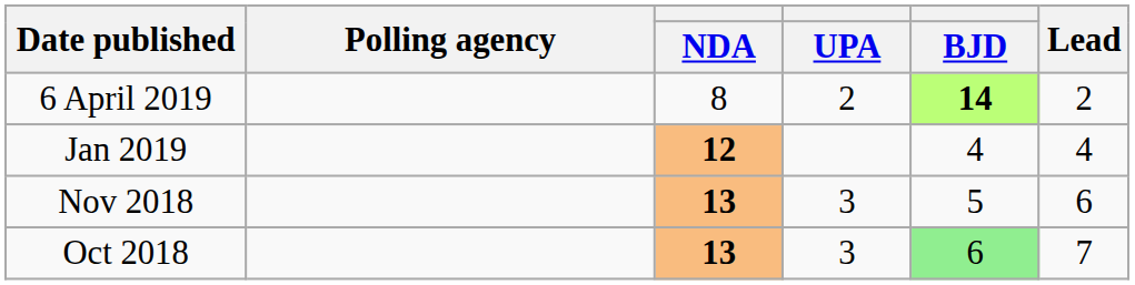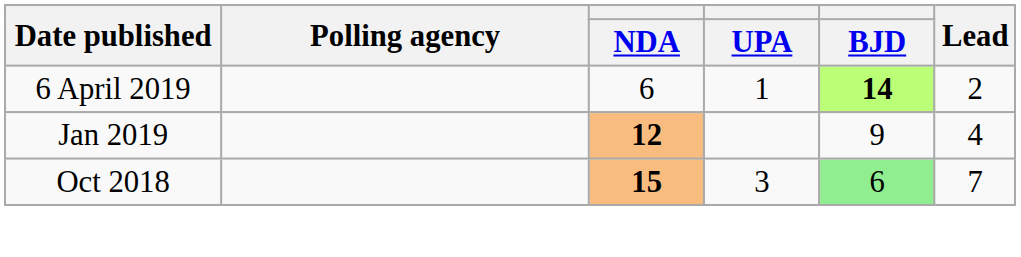 <table class="wikitable sortable" style="text-align:center;font-size:95%;line-height:16px">
 <tr>
 <th rowspan="2" width="100px">Date published</th>
 <th rowspan="2" width="175px">Polling agency</th>
 <th style="background:"></th>
 <th style="background:"></th>
 <th style="background:"></th>
 <th rowspan="2">Lead</th>
 </tr>
 <tr>
 <th width="50px" class="unsortable"><a href='#'>NDA</a></th>
 <th width="50px" class="unsortable"><a href='#'>UPA</a></th>
 <th width="50px" class="unsortable"><a href='#'>BJD</a></th>
 </tr>
 <tr>
 <td>6 April 2019</td>
 <td></td>
-<td>8</td>
-<td>2</td>
+<td>6</td>
+<td>1</td>
 <td style="background:#BBFF77"><strong>14</strong></td>
 <td style="background:"><span>2</span></td>
 </tr>
 <tr>
 <td>Jan 2019</td>
 <td> </td>
 <td style="background:#F9BC7F"><strong>12</strong></td>
 <td></td>
-<td>4</td>
+<td>9</td>
 <td style="background:"><span>4</span></td>
-</tr>
-<tr>
-<td>Nov 2018</td>
-<td></td>
-<td style="background:#F9BC7F"><strong>13</strong></td>
-<td>3</td>
-<td>5</td>
-<td style="background:"><span>6</span></td>
 </tr>
 <tr>
 <td>Oct 2018</td>
 <td></td>
-<td style="background:#F9BC7F"><strong>13</strong></td>
+<td style="background:#F9BC7F"><strong>15</strong></td>
 <td>3</td>
 <td style="background: lightgreen;">6</td>
 <td style="background:"><span>7</span></td>
 </tr>
 </table>
